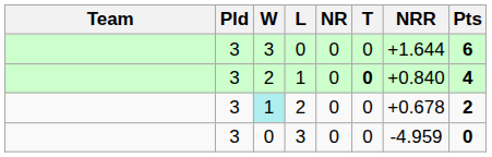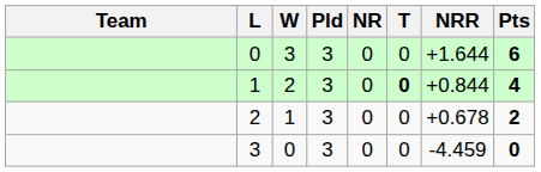 <table class="wikitable" style="text-align:center;">
 <tr>
 <th width=175>Team</th>
+<th style="width:20px;" abbr="Lost">L</th>
+<th style="width:20px;" abbr="Won">W</th>
 <th style="width:20px;" abbr="Played">Pld</th>
-<th style="width:20px;" abbr="Won">W</th>
-<th style="width:20px;" abbr="Lost">L</th>
 <th style="width:20px;" abbr="No Result">NR</th>
 <th style="width:20px;" abbr="Tied">T</th>
 <th style="width:20px;" abbr="Net Run Rate">NRR</th>
 <th style="width:20px;" abbr="Points">Pts</th>
 </tr>
 <tr style="background:#cfc;">
 <td style="text-align:left;"></td>
+<td>0</td>
 <td>3</td>
 <td>3</td>
-<td>0</td>
 <td>0</td>
 <td>0</td>
 <td>+1.644</td>
 <td><strong>6</strong></td>
 </tr>
 <tr style="background:#cfc;">
 <td style="text-align:left;"></td>
+<td>1</td>
+<td>2</td>
 <td>3</td>
-<td>2</td>
-<td>1</td>
 <td>0</td>
 <td><strong>0</strong></td>
-<td>+0.840</td>
+<td>+0.844</td>
 <td><strong>4</strong></td>
 </tr>
 <tr>
 <td style="text-align:left;"></td>
+<td>2</td>
+<td>1</td>
 <td>3</td>
-<td style="background: paleturquoise;">1</td>
-<td>2</td>
 <td>0</td>
 <td>0</td>
 <td>+0.678</td>
 <td><strong>2</strong></td>
 </tr>
 <tr>
 <td style="text-align:left;"></td>
 <td>3</td>
 <td>0</td>
 <td>3</td>
 <td>0</td>
 <td>0</td>
-<td>-4.959</td>
+<td>-4.459</td>
 <td><strong>0</strong></td>
 </tr>
 </table>
